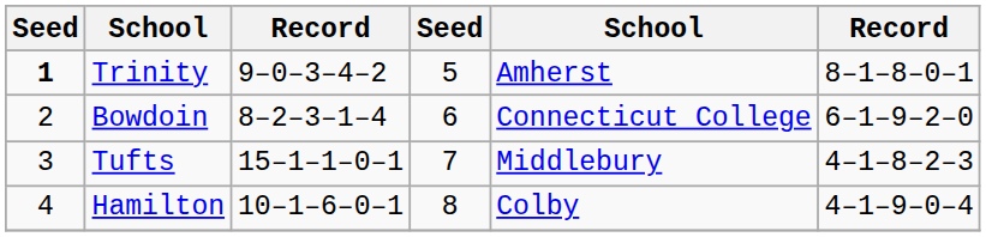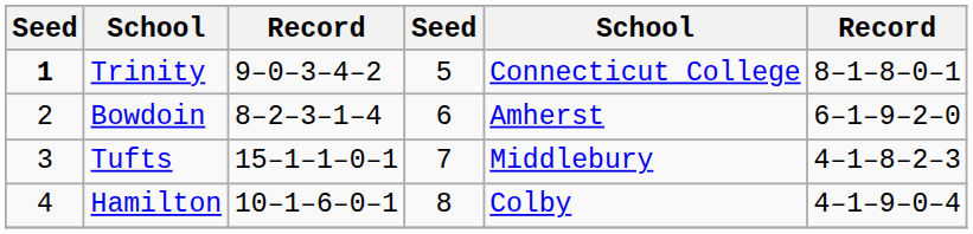 <table class="wikitable">
 <tr>
 <th>Seed</th>
 <th>School</th>
 <th>Record</th>
 <th>Seed</th>
 <th>School</th>
 <th>Record</th>
 </tr>
 <tr>
 <td align=center><strong>1</strong></td>
 <td><a href='#'>Trinity</a></td>
 <td>9–0–3–4–2</td>
 <td align=center>5</td>
-<td><a href='#'>Amherst</a></td>
+<td><a href='#'>Connecticut College</a></td>
 <td>8–1–8–0–1</td>
 </tr>
 <tr>
 <td align=center>2</td>
 <td><a href='#'>Bowdoin</a></td>
 <td>8–2–3–1–4</td>
 <td align=center>6</td>
-<td><a href='#'>Connecticut College</a></td>
+<td><a href='#'>Amherst</a></td>
 <td>6–1–9–2–0</td>
 </tr>
 <tr>
 <td align=center>3</td>
 <td><a href='#'>Tufts</a></td>
 <td>15–1–1–0–1</td>
 <td align=center>7</td>
 <td><a href='#'>Middlebury</a></td>
 <td>4–1–8–2–3</td>
 </tr>
 <tr>
 <td align=center>4</td>
 <td><a href='#'>Hamilton</a></td>
 <td>10–1–6–0–1</td>
 <td align=center>8</td>
 <td><a href='#'>Colby</a></td>
 <td>4–1–9–0–4</td>
 </tr>
 <tr>
 </tr>
 </table>
